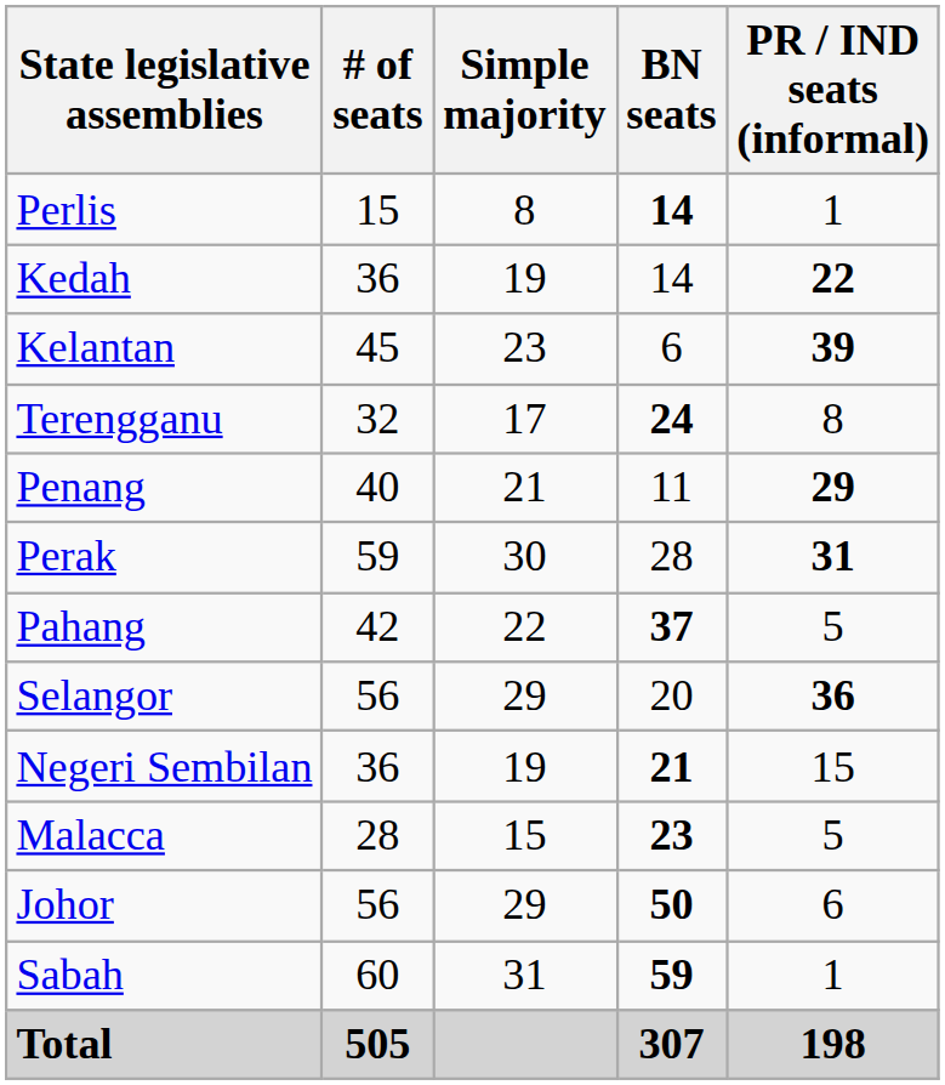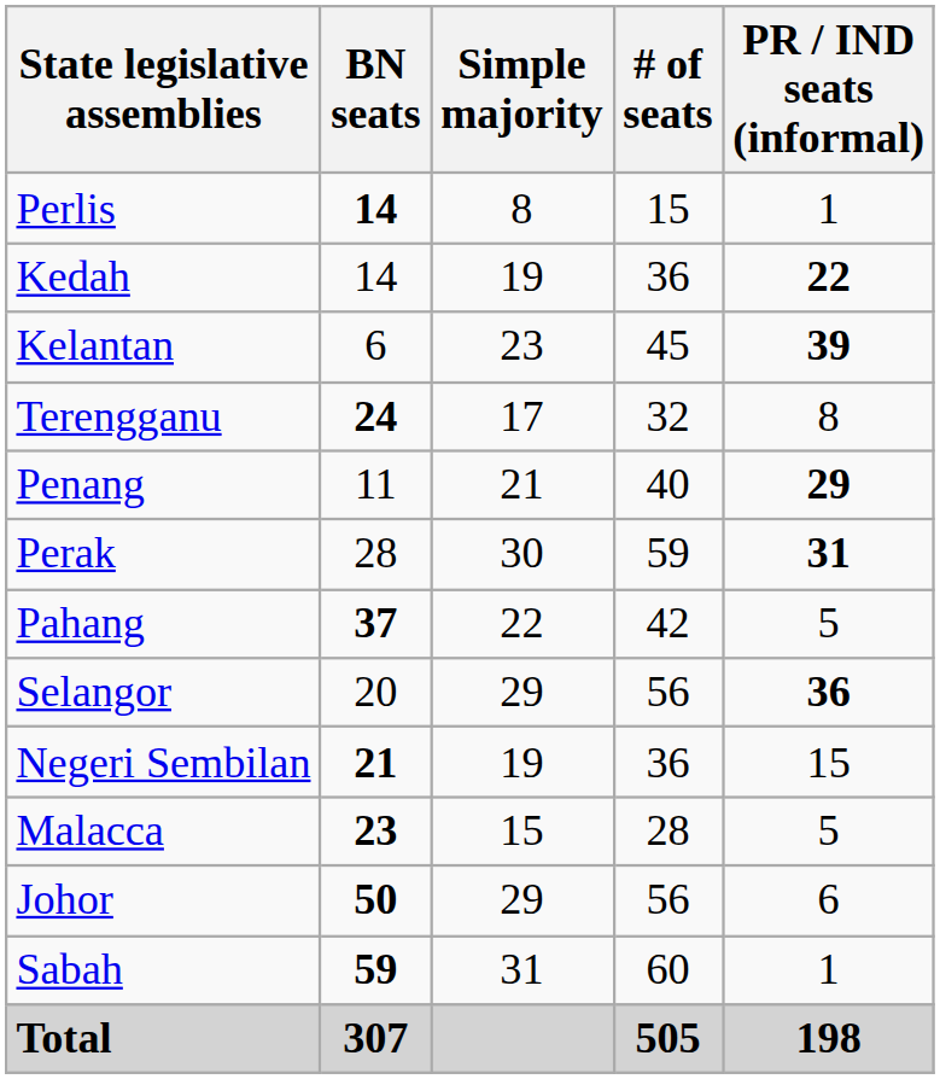 <table class="wikitable sortable" style="text-align:center">
 <tr>
 <th>State legislative<br>assemblies</th>
+<th>BN<br>seats</th>
+<th>Simple<br>majority</th>
 <th># of<br>seats</th>
-<th>Simple<br>majority</th>
-<th>BN<br>seats</th>
 <th>PR / IND<br>seats<br>(informal)</th>
 </tr>
 <tr>
 <td style="text-align:left"> <a href='#'>Perlis</a></td>
+<td><strong>14</strong></td>
+<td>8</td>
 <td>15</td>
-<td>8</td>
-<td><strong>14</strong></td>
 <td>1</td>
 </tr>
 <tr>
 <td style="text-align:left"> <a href='#'>Kedah</a></td>
+<td>14</td>
+<td>19</td>
 <td>36</td>
-<td>19</td>
-<td>14</td>
 <td><strong>22</strong></td>
 </tr>
 <tr>
 <td style="text-align:left"> <a href='#'>Kelantan</a></td>
+<td>6</td>
+<td>23</td>
 <td>45</td>
-<td>23</td>
-<td>6</td>
 <td><strong>39</strong></td>
 </tr>
 <tr>
 <td style="text-align:left"> <a href='#'>Terengganu</a></td>
+<td><strong>24</strong></td>
+<td>17</td>
 <td>32</td>
-<td>17</td>
-<td><strong>24</strong></td>
 <td>8</td>
 </tr>
 <tr>
 <td style="text-align:left"> <a href='#'>Penang</a></td>
+<td>11</td>
+<td>21</td>
 <td>40</td>
-<td>21</td>
-<td>11</td>
 <td><strong>29</strong></td>
 </tr>
 <tr>
 <td style="text-align:left"> <a href='#'>Perak</a></td>
+<td>28</td>
+<td>30</td>
 <td>59</td>
-<td>30</td>
-<td>28</td>
 <td><strong>31</strong></td>
 </tr>
 <tr>
 <td style="text-align:left"> <a href='#'>Pahang</a></td>
+<td><strong>37</strong></td>
+<td>22</td>
 <td>42</td>
-<td>22</td>
-<td><strong>37</strong></td>
 <td>5</td>
 </tr>
 <tr>
 <td style="text-align:left"> <a href='#'>Selangor</a></td>
+<td>20</td>
+<td>29</td>
 <td>56</td>
-<td>29</td>
-<td>20</td>
 <td><strong>36</strong></td>
 </tr>
 <tr>
 <td style="text-align:left"> <a href='#'>Negeri Sembilan</a></td>
+<td><strong>21</strong></td>
+<td>19</td>
 <td>36</td>
-<td>19</td>
-<td><strong>21</strong></td>
 <td>15</td>
 </tr>
 <tr>
 <td style="text-align:left"> <a href='#'>Malacca</a></td>
+<td><strong>23</strong></td>
+<td>15</td>
 <td>28</td>
-<td>15</td>
-<td><strong>23</strong></td>
 <td>5</td>
 </tr>
 <tr>
 <td style="text-align:left"> <a href='#'>Johor</a></td>
+<td><strong>50</strong></td>
+<td>29</td>
 <td>56</td>
-<td>29</td>
-<td><strong>50</strong></td>
 <td>6</td>
 </tr>
 <tr>
 <td style="text-align:left"> <a href='#'>Sabah</a></td>
+<td><strong>59</strong></td>
+<td>31</td>
 <td>60</td>
-<td>31</td>
-<td><strong>59</strong></td>
 <td>1</td>
 </tr>
 <tr class="sortbottom" bgcolor="lightgrey">
 <td style="text-align:left"><strong>Total</strong></td>
+<td><span><strong>307</strong></span></td>
+<td></td>
 <td><strong>505</strong></td>
-<td></td>
-<td><span><strong>307</strong></span></td>
 <td><span><strong>198</strong></span></td>
 </tr>
 </table>
